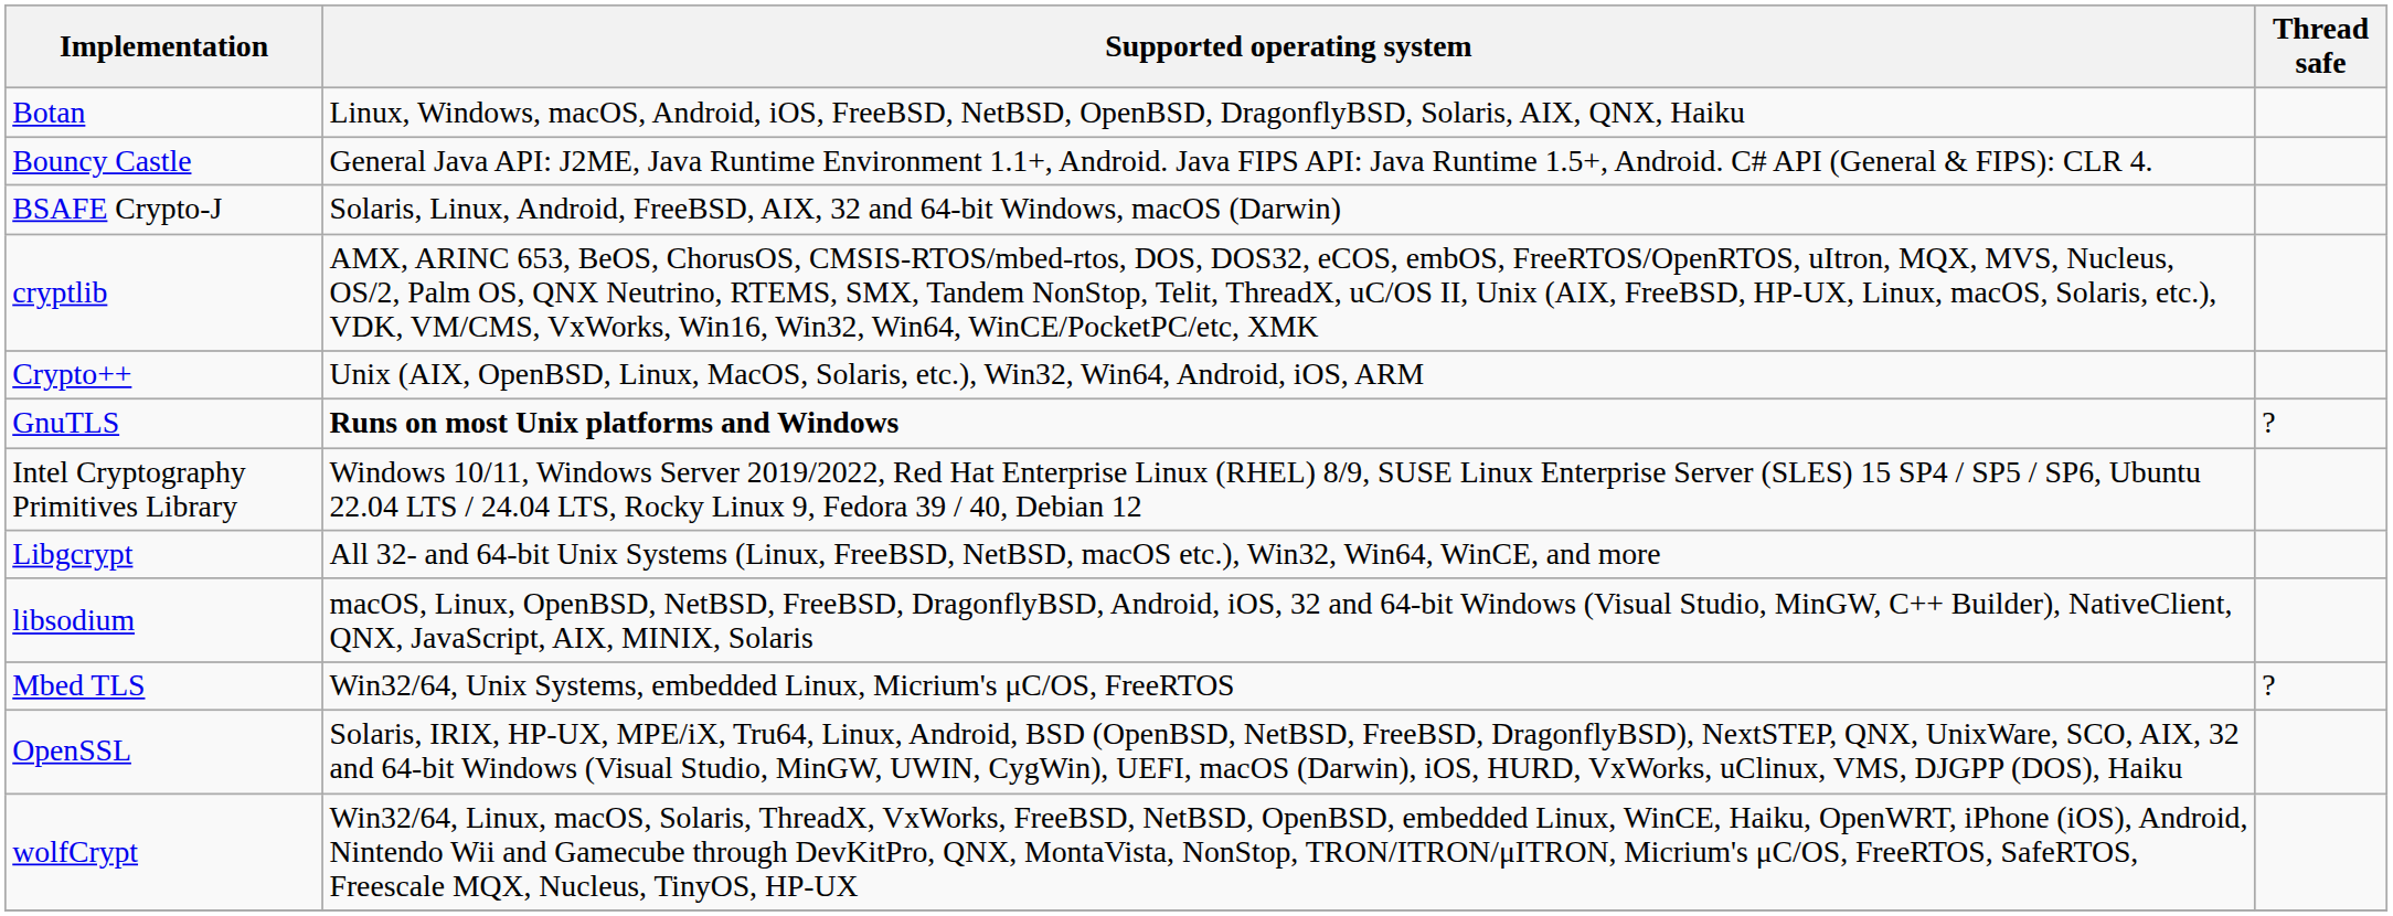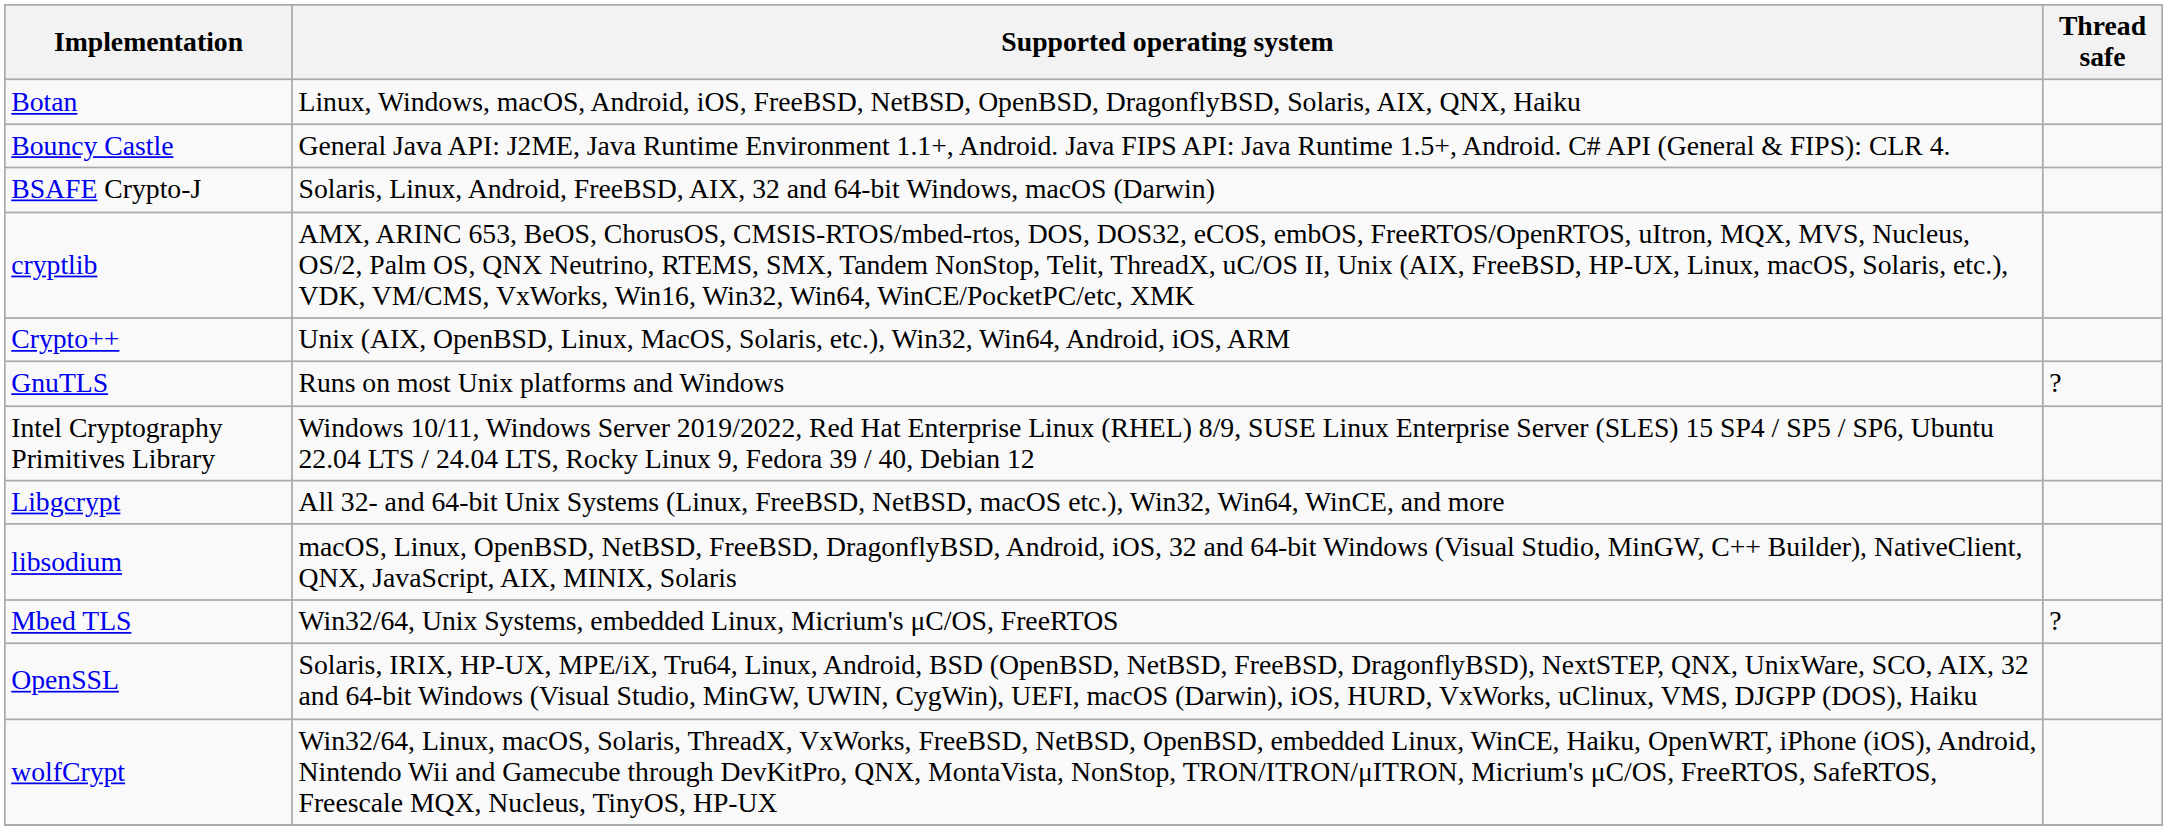 <table class="wikitable sortable sort-under" style="text-align: left">
 <tr>
 <th>Implementation</th>
 <th>Supported operating system</th>
 <th>Thread safe</th>
 </tr>
 <tr>
 <td><a href='#'>Botan</a></td>
 <td>Linux, Windows, macOS, Android, iOS, FreeBSD, NetBSD, OpenBSD, DragonflyBSD, Solaris, AIX, QNX, Haiku</td>
 <td></td>
 </tr>
 <tr>
 <td><a href='#'>Bouncy Castle</a></td>
 <td>General Java API: J2ME, Java Runtime Environment 1.1+, Android. Java FIPS API: Java Runtime 1.5+, Android. C# API (General & FIPS): CLR 4.</td>
 <td></td>
 </tr>
 <tr>
 <td><a href='#'>BSAFE</a> Crypto-J</td>
 <td>Solaris, Linux, Android, FreeBSD, AIX, 32 and 64-bit Windows, macOS (Darwin)</td>
 <td></td>
 </tr>
 <tr>
 <td><a href='#'>cryptlib</a></td>
 <td>AMX, ARINC 653, BeOS, ChorusOS, CMSIS-RTOS/mbed-rtos, DOS, DOS32, eCOS, embOS, FreeRTOS/OpenRTOS, uItron, MQX, MVS, Nucleus, OS/2, Palm OS, QNX Neutrino, RTEMS, SMX, Tandem NonStop, Telit, ThreadX, uC/OS II, Unix (AIX, FreeBSD, HP-UX, Linux, macOS, Solaris, etc.), VDK, VM/CMS, VxWorks, Win16, Win32, Win64, WinCE/PocketPC/etc, XMK</td>
 <td></td>
 </tr>
 <tr>
 <td><a href='#'>Crypto++</a></td>
 <td>Unix (AIX, OpenBSD, Linux, MacOS, Solaris, etc.), Win32, Win64, Android, iOS, ARM</td>
 <td></td>
 </tr>
 <tr>
 <td><a href='#'>GnuTLS</a></td>
-<td><strong>Runs on most Unix platforms and Windows</strong></td>
+<td>Runs on most Unix platforms and Windows</td>
 <td>?</td>
 </tr>
 <tr>
 <td>Intel Cryptography Primitives Library</td>
 <td>Windows 10/11, Windows Server 2019/2022, Red Hat Enterprise Linux (RHEL) 8/9, SUSE Linux Enterprise Server (SLES) 15 SP4 / SP5 / SP6, Ubuntu 22.04 LTS / 24.04 LTS, Rocky Linux 9, Fedora 39 / 40, Debian 12</td>
 <td></td>
 </tr>
 <tr>
 <td><a href='#'>Libgcrypt</a></td>
 <td>All 32- and 64-bit Unix Systems (Linux, FreeBSD, NetBSD, macOS etc.), Win32, Win64, WinCE, and more</td>
 <td></td>
 </tr>
 <tr>
 <td><a href='#'>libsodium</a></td>
 <td>macOS, Linux, OpenBSD, NetBSD, FreeBSD, DragonflyBSD, Android, iOS, 32 and 64-bit Windows (Visual Studio, MinGW, C++ Builder), NativeClient, QNX, JavaScript, AIX, MINIX, Solaris</td>
 <td></td>
 </tr>
 <tr>
 <td><a href='#'>Mbed TLS</a></td>
 <td>Win32/64, Unix Systems, embedded Linux, Micrium's μC/OS, FreeRTOS</td>
 <td>?</td>
 </tr>
 <tr>
 <td><a href='#'>OpenSSL</a></td>
 <td>Solaris, IRIX, HP-UX, MPE/iX, Tru64, Linux, Android, BSD (OpenBSD, NetBSD, FreeBSD, DragonflyBSD), NextSTEP, QNX, UnixWare, SCO, AIX, 32 and 64-bit Windows (Visual Studio, MinGW, UWIN, CygWin), UEFI, macOS (Darwin), iOS, HURD, VxWorks, uClinux, VMS, DJGPP (DOS), Haiku</td>
 <td></td>
 </tr>
 <tr>
 <td><a href='#'>wolfCrypt</a></td>
 <td>Win32/64, Linux, macOS, Solaris, ThreadX, VxWorks, FreeBSD, NetBSD, OpenBSD, embedded Linux, WinCE, Haiku, OpenWRT, iPhone (iOS), Android, Nintendo Wii and Gamecube through DevKitPro, QNX, MontaVista, NonStop, TRON/ITRON/μITRON, Micrium's μC/OS, FreeRTOS, SafeRTOS, Freescale MQX, Nucleus, TinyOS, HP-UX</td>
 <td></td>
 </tr>
 <tr>
 </tr>
 </table>
